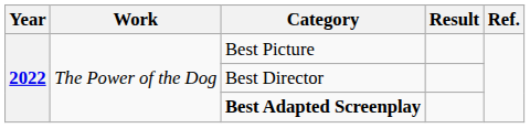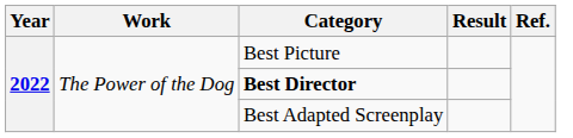 <table class="wikitable">
 <tr>
 <th>Year</th>
 <th>Work</th>
 <th>Category</th>
 <th>Result</th>
 <th>Ref.</th>
 </tr>
 <tr>
 <th rowspan="3"><a href='#'>2022</a></th>
 <td rowspan="3"><em>The Power of the Dog</em></td>
 <td>Best Picture</td>
 <td></td>
 <td rowspan="3"></td>
 </tr>
 <tr>
-<td>Best Director</td>
+<td><strong>Best Director</strong></td>
 <td></td>
 </tr>
 <tr>
-<td><strong>Best Adapted Screenplay</strong></td>
+<td>Best Adapted Screenplay</td>
 <td></td>
 </tr>
 </table>
